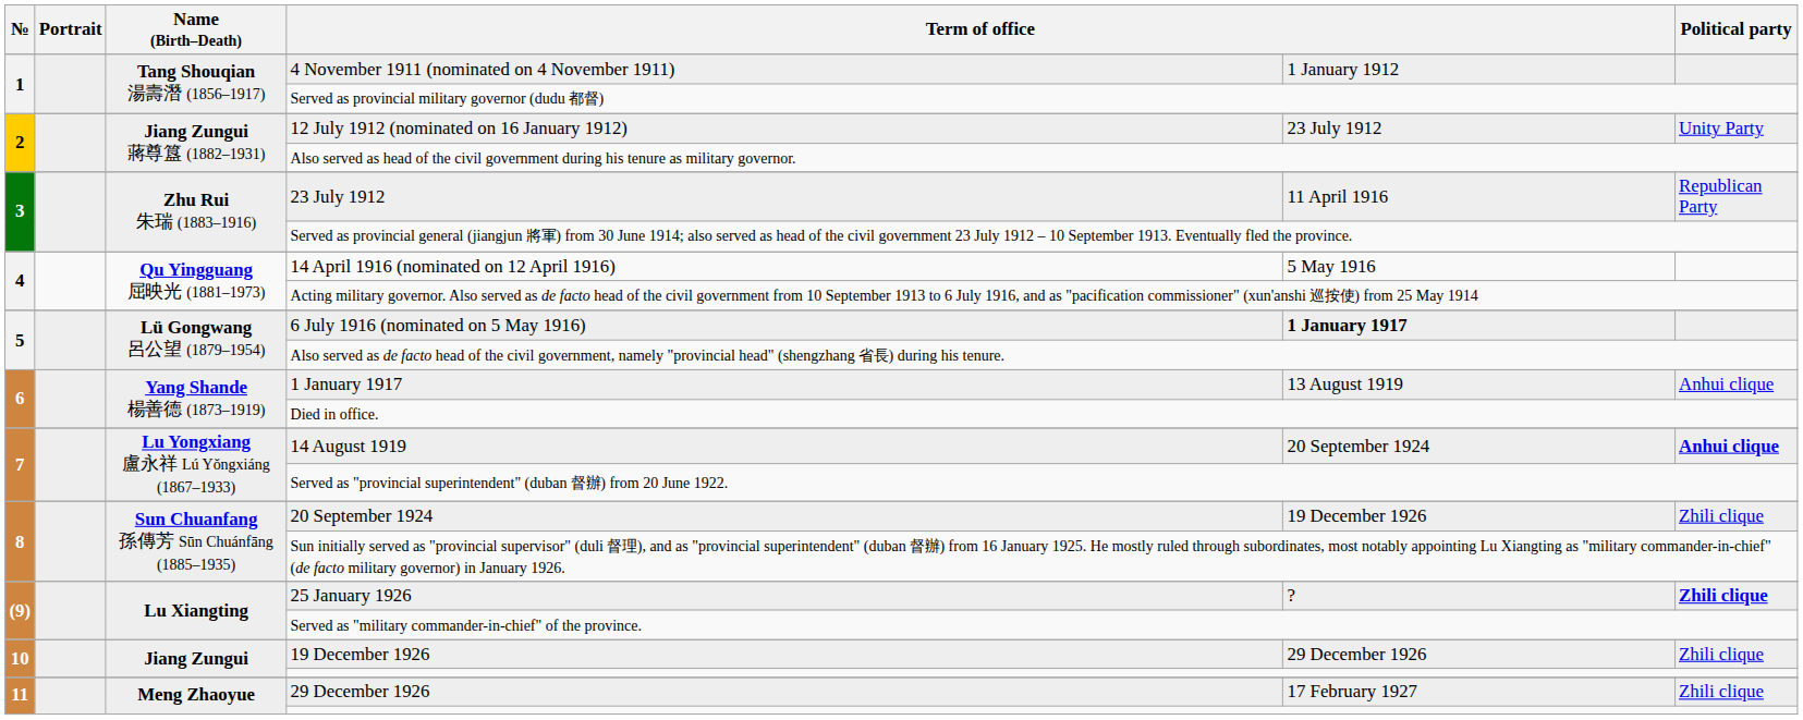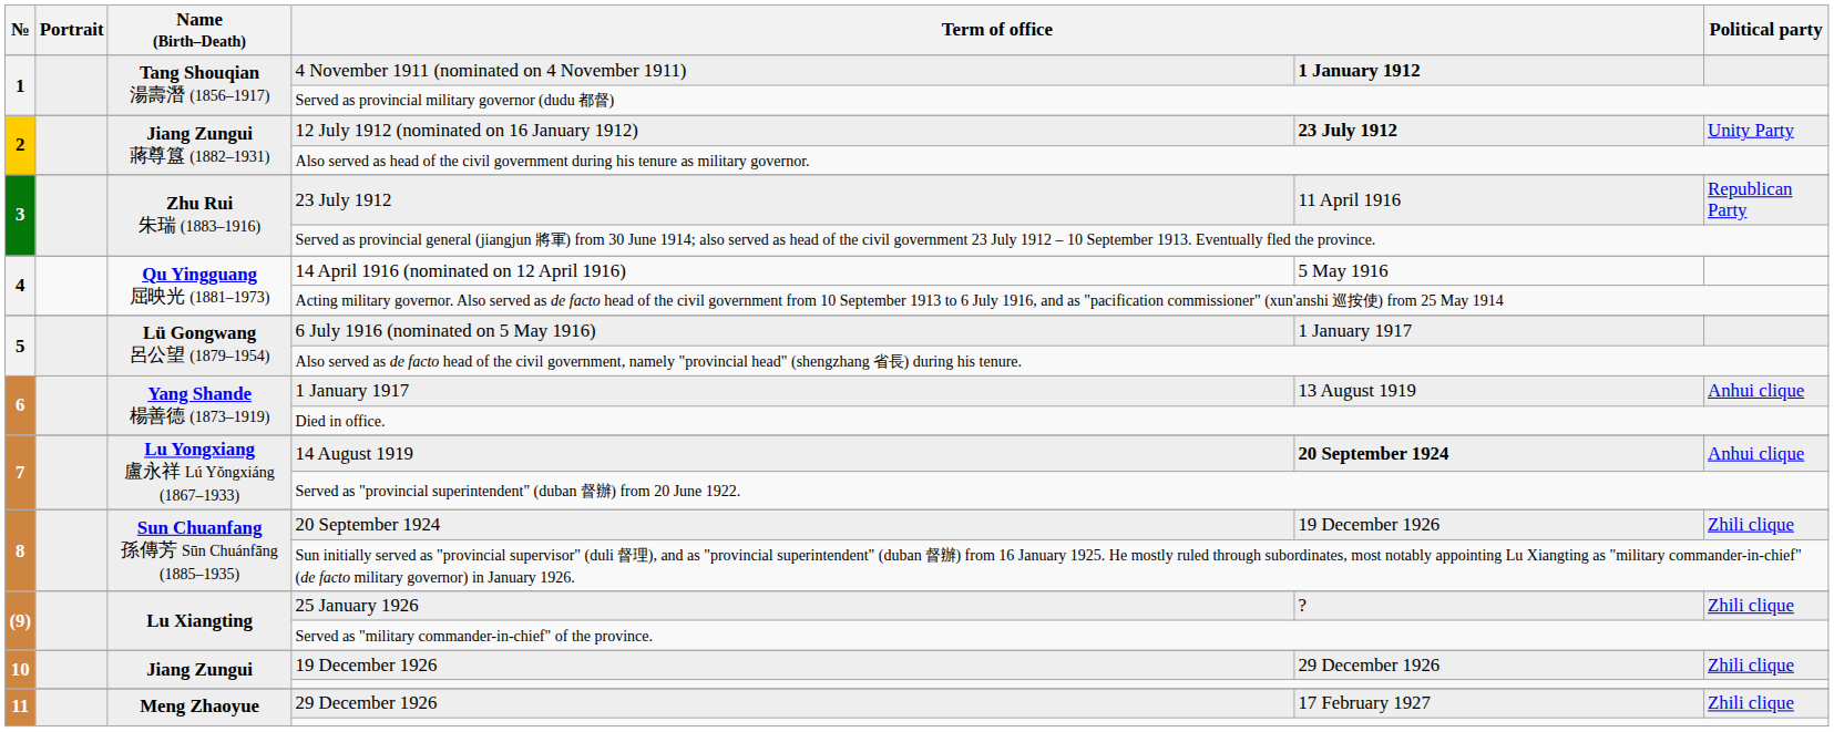 <table class="wikitable">
 <tr>
 <th>№</th>
 <th>Portrait</th>
 <th width="150px">Name<br><small>(Birth–Death)</small></th>
 <th colspan="2" width="200px">Term of office</th>
 <th width="100px">Political party</th>
 </tr>
 <tr>
 </tr>
 <tr bgcolor="#EEEEEE">
 <th rowspan="2" style="background:">1</th>
 <td rowspan="2" align="center"></td>
 <td rowspan="2" align="center"><strong>Tang Shouqian</strong><br><span>湯壽潛</span> <small>(1856–1917)</small></td>
 <td>4 November 1911 (nominated on 4 November 1911)</td>
-<td>1 January 1912</td>
+<td><strong>1 January 1912</strong></td>
 <td></td>
 </tr>
 <tr>
 <td colspan="4"><small>Served as provincial military governor  (dudu 都督)</small></td>
 </tr>
 <tr>
 </tr>
 <tr bgcolor="#EEEEEE">
 <th rowspan="2" style="background:#FFCC00; color:black;">2</th>
 <td rowspan="2" align="center"></td>
 <td rowspan="2" align="center"><strong>Jiang Zungui</strong><br><span>蔣尊簋</span> <small>(1882–1931)</small></td>
 <td>12 July 1912 (nominated on 16 January 1912)</td>
-<td>23 July 1912</td>
+<td><strong>23 July 1912</strong></td>
 <td><a href='#'>Unity Party</a></td>
 </tr>
 <tr>
 <td colspan="4"><small>Also served as head of the civil government during his tenure as military governor.</small></td>
 </tr>
 <tr>
 </tr>
 <tr bgcolor="#EEEEEE">
 <th rowspan="2" style="background:#04770A; color:white;">3</th>
 <td rowspan="2" align="center"></td>
 <td rowspan="2" align="center"><strong>Zhu Rui</strong><br><span>朱瑞</span> <small>(1883–1916)</small></td>
 <td>23 July 1912</td>
 <td>11 April 1916</td>
 <td><a href='#'>Republican Party</a></td>
 </tr>
 <tr>
 <td colspan="4"><small>Served as provincial general (jiangjun 將軍) from 30 June 1914; also served as head of the civil government 23 July 1912 – 10 September 1913. Eventually fled the province.</small></td>
 </tr>
 <tr>
 </tr>
 <tr bgcolor="">
 <th rowspan="2" style="background:">4</th>
 <td rowspan="2" align="center"></td>
 <td rowspan="2" align="center"><strong><a href='#'>Qu Yingguang</a></strong><br><span>屈映光</span> <small>(1881–1973)</small></td>
 <td>14 April 1916 (nominated on 12 April 1916)</td>
 <td>5 May 1916</td>
 <td></td>
 </tr>
 <tr>
 <td colspan="4"><small>Acting military governor. Also served as <em>de facto</em> head of the civil government from 10 September 1913 to 6 July 1916, and as "pacification commissioner" (xun'anshi 巡按使) from 25 May 1914</small></td>
 </tr>
 <tr>
 </tr>
 <tr bgcolor="#EEEEEE">
 <th rowspan="2" style="background:">5</th>
 <td rowspan="2" align="center"></td>
 <td rowspan="2" align="center"><strong>Lü Gongwang</strong><br><span>呂公望</span> <small>(1879–1954)</small></td>
 <td>6 July 1916 (nominated on 5 May 1916)</td>
-<td><strong>1 January 1917</strong></td>
+<td>1 January 1917</td>
 <td></td>
 </tr>
 <tr>
 <td colspan="4"><small>Also served as <em>de facto</em> head of the civil government, namely "provincial head" (shengzhang 省長) during his tenure.</small></td>
 </tr>
 <tr>
 </tr>
 <tr bgcolor="#EEEEEE">
 <th rowspan="2" style="background:#CD853F; color:white;">6</th>
 <td rowspan="2" align="center"></td>
 <td rowspan="2" align="center"><strong><a href='#'>Yang Shande</a></strong><br><span>楊善德</span> <small>(1873–1919)</small></td>
 <td>1 January 1917</td>
 <td>13 August 1919</td>
 <td><a href='#'>Anhui clique</a></td>
 </tr>
 <tr>
 <td colspan="4"><small>Died in office.</small></td>
 </tr>
 <tr>
 </tr>
 <tr bgcolor="#EEEEEE">
 <th rowspan="2" style="background:#CD853F; color:white;">7</th>
 <td rowspan="2" align="center"></td>
 <td rowspan="2" align="center"><strong><a href='#'>Lu Yongxiang</a></strong><br><span>盧永祥</span> <small>Lú Yǒngxiáng</small> <small>(1867–1933)</small></td>
 <td>14 August 1919</td>
-<td>20 September 1924</td>
-<td><strong><a href='#'>Anhui clique</a></strong></td>
+<td><strong>20 September 1924</strong></td>
+<td><a href='#'>Anhui clique</a></td>
 </tr>
 <tr>
 <td colspan="4"><small>Served as "provincial superintendent" (duban 督辦) from 20 June 1922.</small></td>
 </tr>
 <tr>
 </tr>
 <tr bgcolor="#EEEEEE">
 <th rowspan="2" style="background:#CD853F; color:white;">8</th>
 <td rowspan="2" align="center"></td>
 <td rowspan="2" align="center"><strong><a href='#'>Sun Chuanfang</a></strong><br><span>孫傳芳</span> <small>Sūn Chuánfāng</small> <small>(1885–1935)</small></td>
 <td>20 September 1924</td>
 <td>19 December 1926</td>
 <td><a href='#'>Zhili clique</a></td>
 </tr>
 <tr>
 <td colspan="4"><small>Sun initially served as "provincial supervisor" (duli 督理), and as "provincial superintendent" (duban 督辦) from 16 January 1925. He mostly ruled through subordinates, most notably appointing Lu Xiangting as "military commander-in-chief" (<em>de facto</em> military governor) in January 1926.</small></td>
 </tr>
 <tr>
 </tr>
 <tr bgcolor="#EEEEEE">
 <th rowspan="2" style="background:#CD853F; color:white;">(9)</th>
 <td rowspan="2" align="center"></td>
 <td rowspan="2" align="center"><strong>Lu Xiangting</strong></td>
 <td>25 January 1926</td>
 <td>?</td>
-<td><strong><a href='#'>Zhili clique</a></strong></td>
+<td><a href='#'>Zhili clique</a></td>
 </tr>
 <tr>
 <td colspan="4"><small>Served as "military commander-in-chief" of the province.</small></td>
 </tr>
 <tr>
 </tr>
 <tr bgcolor="#EEEEEE">
 <th rowspan="2" style="background:#CD853F; color:white;">10</th>
 <td rowspan="2" align="center"></td>
 <td rowspan="2" align="center"><strong>Jiang Zungui</strong></td>
 <td>19 December 1926</td>
 <td>29 December 1926</td>
 <td><a href='#'>Zhili clique</a></td>
 </tr>
 <tr>
 <td colspan="4"></td>
 </tr>
 <tr>
 </tr>
 <tr bgcolor="#EEEEEE">
 <th rowspan="2" style="background:#CD853F; color:white;">11</th>
 <td rowspan="2" align="center"></td>
 <td rowspan="2" align="center"><strong>Meng Zhaoyue</strong></td>
 <td>29 December 1926</td>
 <td>17 February 1927</td>
 <td><a href='#'>Zhili clique</a></td>
 </tr>
 <tr>
 <td colspan="4"></td>
 </tr>
 <tr>
 </tr>
 </table>
